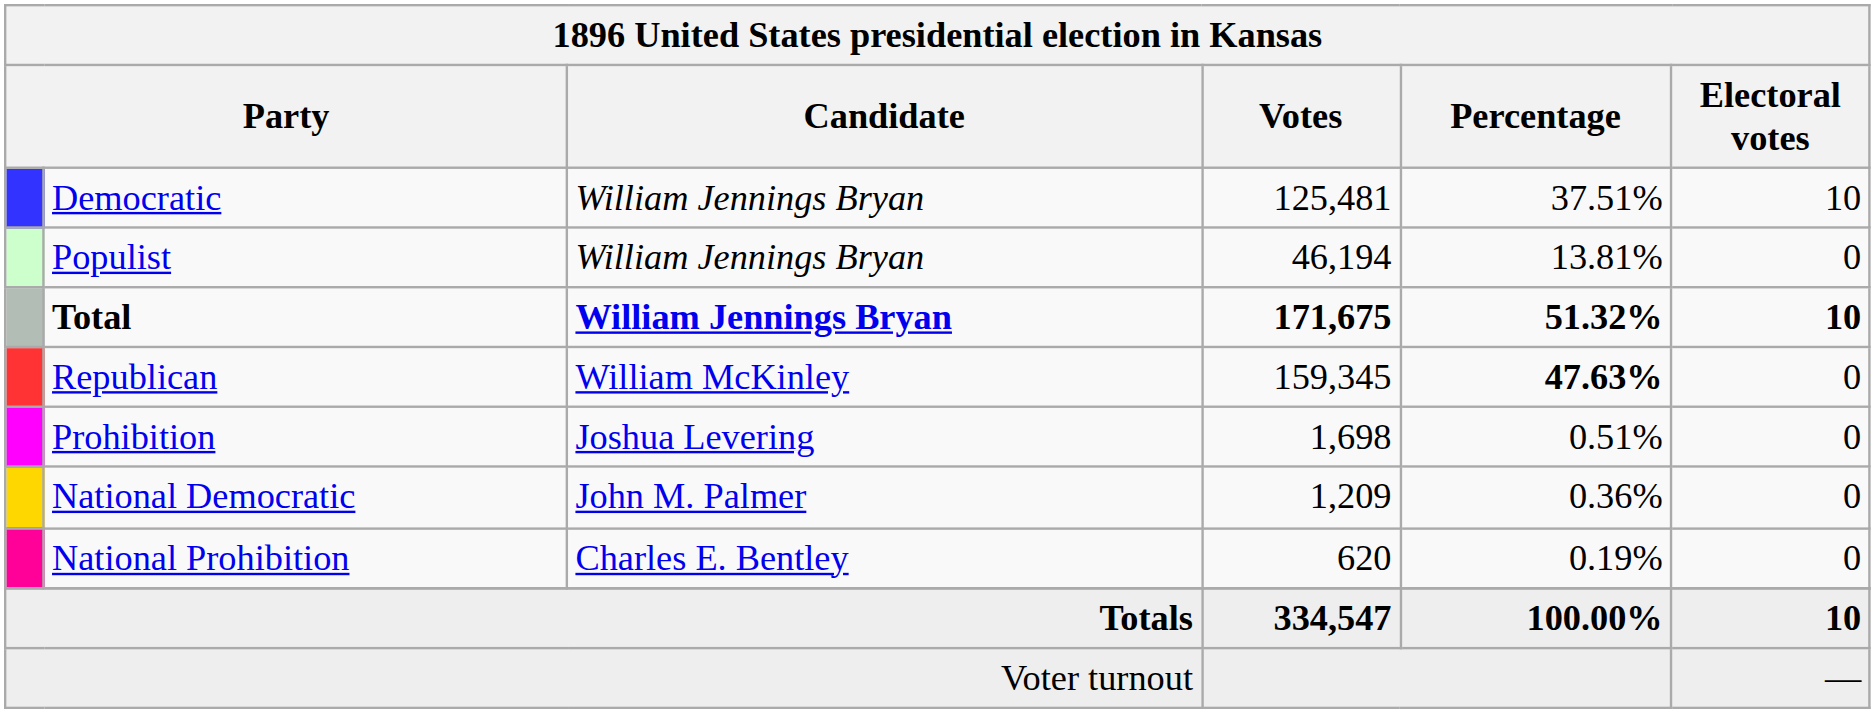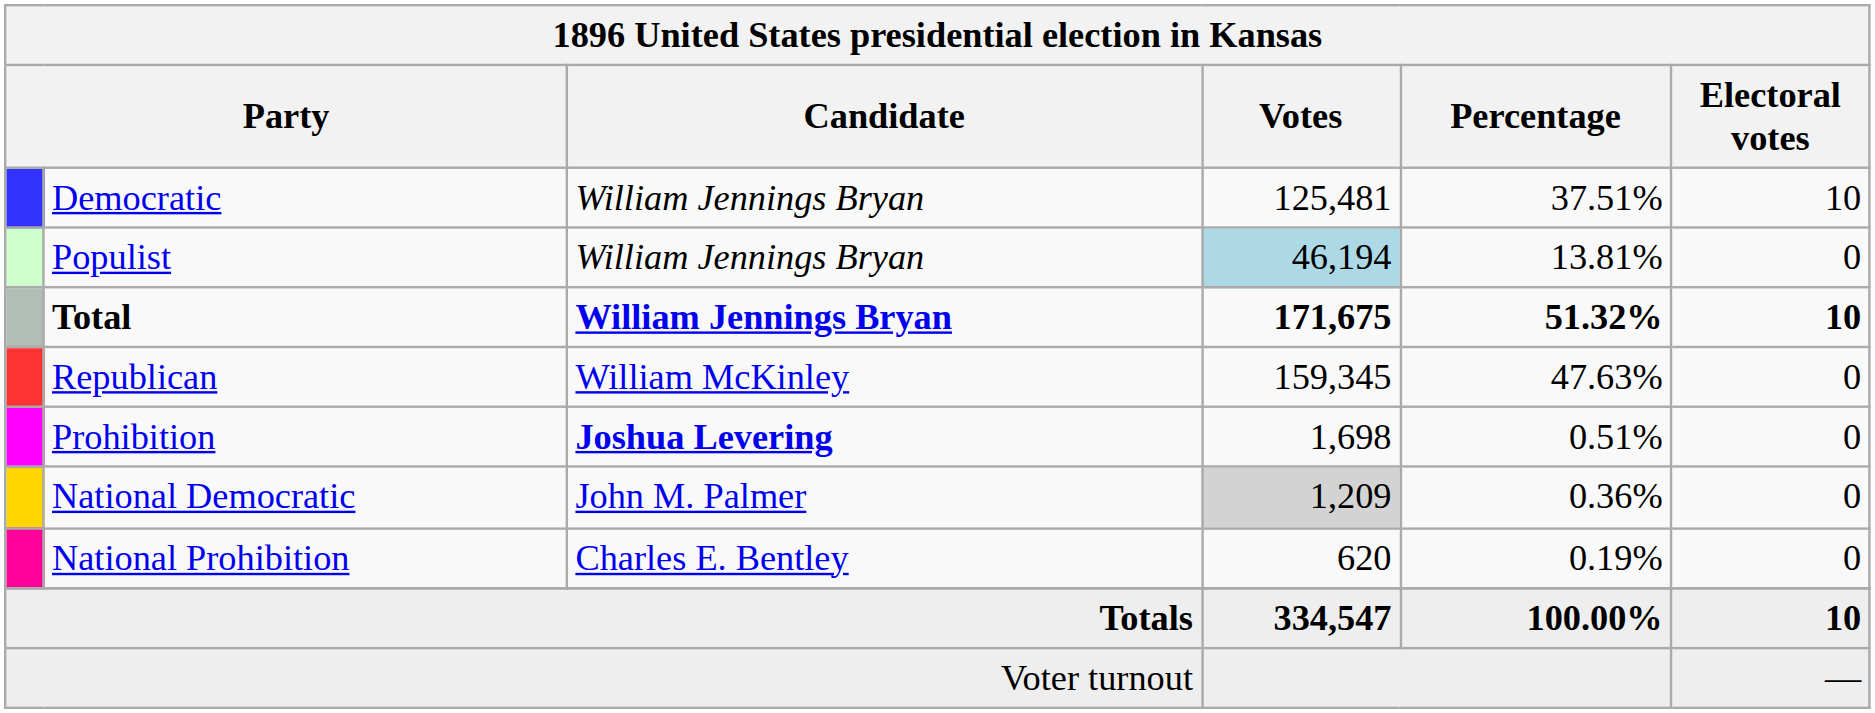 <table class="wikitable" style="font-size: 95%;">
 <tr>
 <th colspan="6">1896 United States presidential election in Kansas</th>
 </tr>
 <tr>
 <th colspan="2" style="width: 15em">Party</th>
 <th style="width: 17em">Candidate</th>
 <th style="width: 5em">Votes</th>
 <th style="width: 7em">Percentage</th>
 <th style="width: 5em">Electoral votes</th>
 </tr>
 <tr>
 <th style="background-color:#3333FF; width: 3px"></th>
 <td style="width: 130px"><a href='#'>Democratic</a></td>
 <td><em>William Jennings Bryan</em></td>
 <td align="right">125,481</td>
 <td align="right">37.51%</td>
 <td align="right">10</td>
 </tr>
 <tr>
 <th style="background-color:#CCFFCC; width: 3px"></th>
 <td style="width: 130px"><a href='#'>Populist</a></td>
 <td><em>William Jennings Bryan</em></td>
-<td align="right">46,194</td>
+<td align="right" style="background: lightblue;">46,194</td>
 <td align="right">13.81%</td>
 <td align="right">0</td>
 </tr>
 <tr>
 <th style="background-color:#B2BEB5; width: 3px"></th>
 <td style="width: 130px"><strong> Total</strong></td>
 <td><strong><a href='#'>William Jennings Bryan</a></strong></td>
 <td align="right"><strong>171,675</strong></td>
 <td align="right"><strong>51.32%</strong></td>
 <td align="right"><strong>10</strong></td>
 </tr>
 <tr>
 <th style="background-color:#FF3333; width: 3px"></th>
 <td style="width: 130px"><a href='#'>Republican</a></td>
 <td><a href='#'>William McKinley</a></td>
 <td align="right">159,345</td>
-<td align="right"><strong>47.63%</strong></td>
+<td align="right">47.63%</td>
 <td align="right">0</td>
 </tr>
 <tr>
 <th style="background-color:#FF00FF; width: 3px"></th>
 <td style="width: 130px"><a href='#'>Prohibition</a></td>
-<td><a href='#'>Joshua Levering</a></td>
+<td><strong><a href='#'>Joshua Levering</a></strong></td>
 <td align="right">1,698</td>
 <td align="right">0.51%</td>
 <td align="right">0</td>
 </tr>
 <tr>
 <th style="background-color:#FFD700; width: 3px"></th>
 <td style="width: 130px"><a href='#'>National Democratic</a></td>
 <td><a href='#'>John M. Palmer</a></td>
-<td align="right">1,209</td>
+<td align="right" style="background: lightgrey;">1,209</td>
 <td align="right">0.36%</td>
 <td align="right">0</td>
 </tr>
 <tr>
 <th style="background-color:#f09; width: 3px"></th>
 <td style="width: 130px"><a href='#'>National Prohibition</a></td>
 <td><a href='#'>Charles E. Bentley</a></td>
 <td align="right">620</td>
 <td align="right">0.19%</td>
 <td align="right">0</td>
 </tr>
 <tr>
 </tr>
 <tr bgcolor="#EEEEEE">
 <td colspan="3" align="right"><strong>Totals</strong></td>
 <td align="right"><strong>334,547</strong></td>
 <td align="right"><strong>100.00%</strong></td>
 <td align="right"><strong>10</strong></td>
 </tr>
 <tr bgcolor="#EEEEEE">
 <td colspan="3" align="right">Voter turnout</td>
 <td colspan="2" align="right"></td>
 <td align="right">—</td>
 </tr>
 </table>
